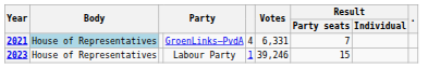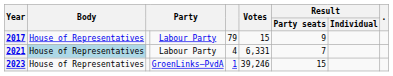 <table class="wikitable plainrowheaders sortable" border=2 cellpadding=4 cellspacing=0 style="border: 1px #aaa solid; font-size: 90%; text-align:center;">
 <tr>
 <th scope="col" rowspan=2>Year</th>
 <th scope="col" rowspan=2>Body</th>
 <th scope="col" colspan=2 rowspan=2>Party</th>
 <th scope="col" rowspan=2></th>
 <th scope="col" rowspan=2>Votes</th>
 <th scope="colgroup" colspan=2>Result</th>
 <th scope="col" rowspan=2 class="unsortable">.</th>
 </tr>
 <tr>
 <th scope="col">Party seats</th>
 <th scope="col">Individual</th>
 </tr>
 <tr>
+<th scope="row"><a href='#'>2017</a></th>
+<td><a href='#'>House of Representatives</a></td>
+<td style="background-color:"></td>
+<td><a href='#'>Labour Party</a></td>
+<td style=text-align:right>79</td>
+<td style=text-align:right>15</td>
+<td style=text-align:right>9</td>
+<td></td>
+<td></td>
+</tr>
+<tr>
 <th scope="row"><a href='#'>2021</a></th>
 <td style="background: lightblue;">House of Representatives</td>
 <td style="background-color:"></td>
-<td><a href='#'>GroenLinks–PvdA</a></td>
+<td>Labour Party</td>
 <td style=text-align:right>4</td>
 <td style=text-align:right>6,331</td>
 <td style=text-align:right>7</td>
 <td></td>
 <td></td>
 </tr>
 <tr>
 <th scope="row"><a href='#'>2023</a></th>
 <td>House of Representatives</td>
 <td style="background-color:"></td>
-<td>Labour Party</td>
+<td><a href='#'>GroenLinks–PvdA</a></td>
 <td style=text-align:right><a href='#'>1</a></td>
 <td style=text-align:right>39,246</td>
 <td style=text-align:right>15</td>
 <td></td>
 <td></td>
 </tr>
 </table>
